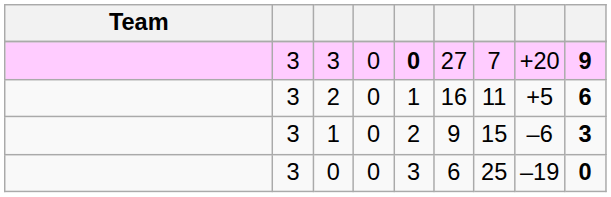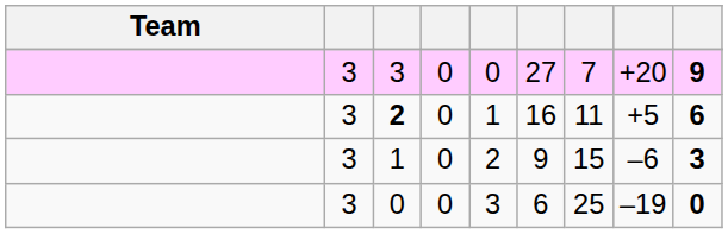 <table class="wikitable" style="text-align: center;">
 <tr>
 <th style="width:175px;">Team</th>
 <th width="20"></th>
 <th width="20"></th>
 <th width="20"></th>
 <th width="20"></th>
 <th width="20"></th>
 <th width="20"></th>
 <th width="20"></th>
 <th width="20"></th>
 </tr>
 <tr>
 </tr>
 <tr style="background:#fcf;">
 <td align=left></td>
 <td>3</td>
 <td>3</td>
 <td>0</td>
-<td><strong>0</strong></td>
+<td>0</td>
 <td>27</td>
 <td>7</td>
 <td>+20</td>
 <td><strong>9</strong></td>
 </tr>
 <tr>
 <td align=left></td>
 <td>3</td>
-<td>2</td>
+<td><strong>2</strong></td>
 <td>0</td>
 <td>1</td>
 <td>16</td>
 <td>11</td>
 <td>+5</td>
 <td><strong>6</strong></td>
 </tr>
 <tr>
 <td align=left></td>
 <td>3</td>
 <td>1</td>
 <td>0</td>
 <td>2</td>
 <td>9</td>
 <td>15</td>
 <td>–6</td>
 <td><strong>3</strong></td>
 </tr>
 <tr>
 <td align=left></td>
 <td>3</td>
 <td>0</td>
 <td>0</td>
 <td>3</td>
 <td>6</td>
 <td>25</td>
 <td>–19</td>
 <td><strong>0</strong></td>
 </tr>
 </table>
